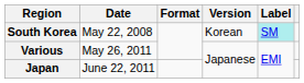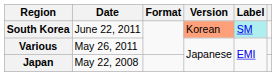 <table class="wikitable plainrowheaders">
 <tr>
 <th scope="col">Region</th>
 <th scope="col">Date</th>
 <th scope="col">Format</th>
 <th scope="col">Version</th>
 <th scope="col">Label</th>
 <th scope="col"></th>
 </tr>
 <tr>
 <th scope="row">South Korea</th>
-<td>May 22, 2008</td>
+<td>June 22, 2011</td>
 <td rowspan="2"></td>
-<td>Korean</td>
+<td style="background: lightsalmon;">Korean</td>
 <td style="background: paleturquoise;"><a href='#'>SM</a></td>
 <td style="text-align:center"></td>
 </tr>
 <tr>
 <th scope="row">Various</th>
 <td>May 26, 2011</td>
 <td rowspan="2">Japanese</td>
 <td rowspan="2"><a href='#'>EMI</a></td>
 <td style="text-align:center"></td>
 </tr>
 <tr>
 <th scope="row">Japan</th>
-<td>June 22, 2011</td>
+<td>May 22, 2008</td>
 <td></td>
 <td style="text-align:center"></td>
 </tr>
 </table>
